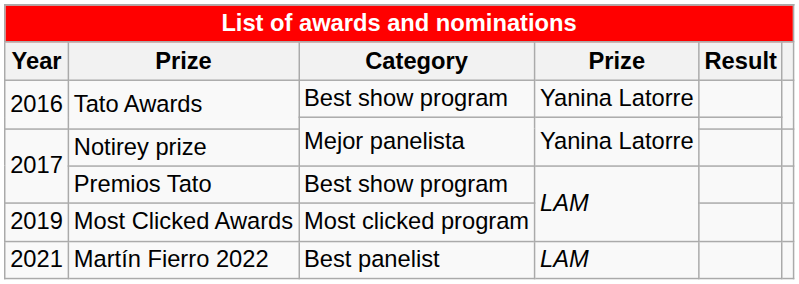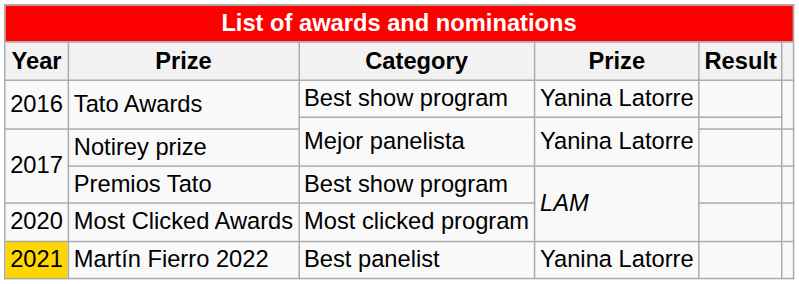 <table class="wikitable sortable plainrowheaders">
 <tr>
 </tr>
 <tr style="color:white;">
 <th colspan="7" style="background:red;"><span> List of awards and nominations</span></th>
 </tr>
 <tr>
 <th>Year</th>
 <th>Prize</th>
 <th>Category</th>
 <th>Prize</th>
 <th>Result</th>
 <th class="unsortable"></th>
 </tr>
 <tr>
 <td rowspan="2">2016</td>
 <td rowspan="2">Tato Awards</td>
 <td>Best show program</td>
 <td>Yanina Latorre</td>
 <td></td>
 <td rowspan="2"></td>
 </tr>
 <tr>
 <td rowspan="2">Mejor panelista</td>
 <td rowspan="2">Yanina Latorre</td>
 <td></td>
 </tr>
 <tr>
 <td rowspan="2">2017</td>
 <td>Notirey prize</td>
 <td></td>
 <td></td>
 </tr>
 <tr>
 <td>Premios Tato</td>
 <td>Best show program</td>
 <td rowspan="2"><em>LAM</em></td>
 <td></td>
 <td></td>
 </tr>
 <tr>
-<td>2019</td>
+<td>2020</td>
 <td>Most Clicked Awards</td>
 <td>Most clicked program</td>
 <td></td>
 <td></td>
 </tr>
 <tr>
-<td>2021</td>
+<td style="background: gold;">2021</td>
 <td>Martín Fierro 2022</td>
 <td>Best panelist</td>
-<td><em>LAM</em></td>
+<td>Yanina Latorre</td>
 <td></td>
 <td></td>
 </tr>
 </table>
